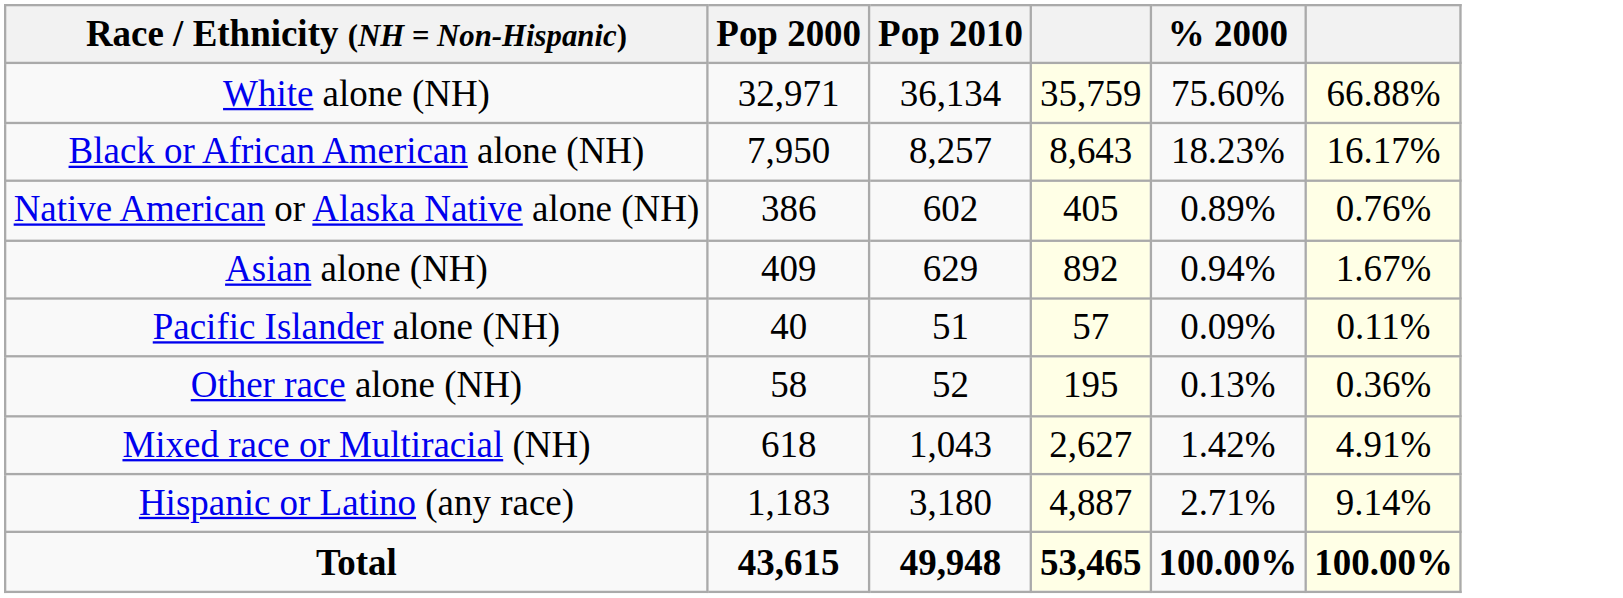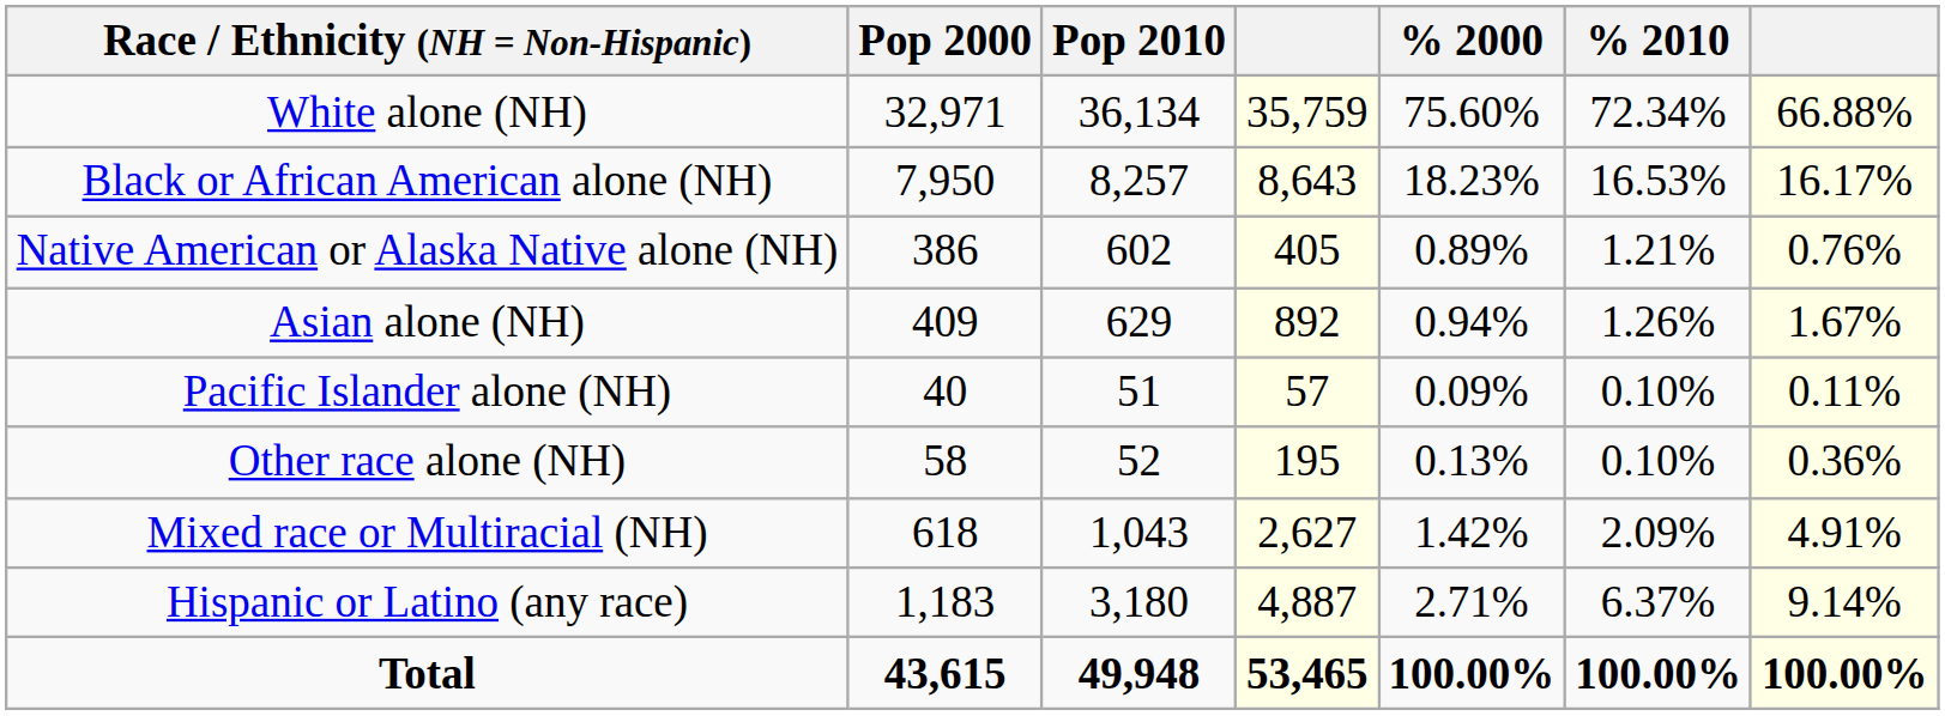 <table class="wikitable" style="text-align:center;">
 <tr>
 <th>Race / Ethnicity <small>(<em>NH = Non-Hispanic</em>)</small></th>
 <th>Pop 2000</th>
 <th>Pop 2010</th>
 <th></th>
 <th>% 2000</th>
+<th>% 2010</th>
 <th></th>
 </tr>
 <tr>
 <td><a href='#'>White</a> alone (NH)</td>
 <td>32,971</td>
 <td>36,134</td>
 <td style='background: #ffffe6;'>35,759</td>
 <td>75.60%</td>
+<td>72.34%</td>
 <td style='background: #ffffe6;'>66.88%</td>
 </tr>
 <tr>
 <td><a href='#'>Black or African American</a> alone (NH)</td>
 <td>7,950</td>
 <td>8,257</td>
 <td style='background: #ffffe6;'>8,643</td>
 <td>18.23%</td>
+<td>16.53%</td>
 <td style='background: #ffffe6;'>16.17%</td>
 </tr>
 <tr>
 <td><a href='#'>Native American</a> or <a href='#'>Alaska Native</a> alone (NH)</td>
 <td>386</td>
 <td>602</td>
 <td style='background: #ffffe6;'>405</td>
 <td>0.89%</td>
+<td>1.21%</td>
 <td style='background: #ffffe6;'>0.76%</td>
 </tr>
 <tr>
 <td><a href='#'>Asian</a> alone (NH)</td>
 <td>409</td>
 <td>629</td>
 <td style='background: #ffffe6;'>892</td>
 <td>0.94%</td>
+<td>1.26%</td>
 <td style='background: #ffffe6;'>1.67%</td>
 </tr>
 <tr>
 <td><a href='#'>Pacific Islander</a> alone (NH)</td>
 <td>40</td>
 <td>51</td>
 <td style='background: #ffffe6;'>57</td>
 <td>0.09%</td>
+<td>0.10%</td>
 <td style='background: #ffffe6;'>0.11%</td>
 </tr>
 <tr>
 <td><a href='#'>Other race</a> alone (NH)</td>
 <td>58</td>
 <td>52</td>
 <td style='background: #ffffe6;'>195</td>
 <td>0.13%</td>
+<td>0.10%</td>
 <td style='background: #ffffe6;'>0.36%</td>
 </tr>
 <tr>
 <td><a href='#'>Mixed race or Multiracial</a> (NH)</td>
 <td>618</td>
 <td>1,043</td>
 <td style='background: #ffffe6;'>2,627</td>
 <td>1.42%</td>
+<td>2.09%</td>
 <td style='background: #ffffe6;'>4.91%</td>
 </tr>
 <tr>
 <td><a href='#'>Hispanic or Latino</a> (any race)</td>
 <td>1,183</td>
 <td>3,180</td>
 <td style='background: #ffffe6;'>4,887</td>
 <td>2.71%</td>
+<td>6.37%</td>
 <td style='background: #ffffe6;'>9.14%</td>
 </tr>
 <tr>
 <td><strong>Total</strong></td>
 <td><strong>43,615</strong></td>
 <td><strong>49,948</strong></td>
 <td style='background: #ffffe6;'><strong>53,465</strong></td>
 <td><strong>100.00%</strong></td>
+<td><strong>100.00%</strong></td>
 <td style='background: #ffffe6;'><strong>100.00%</strong></td>
 </tr>
 </table>
